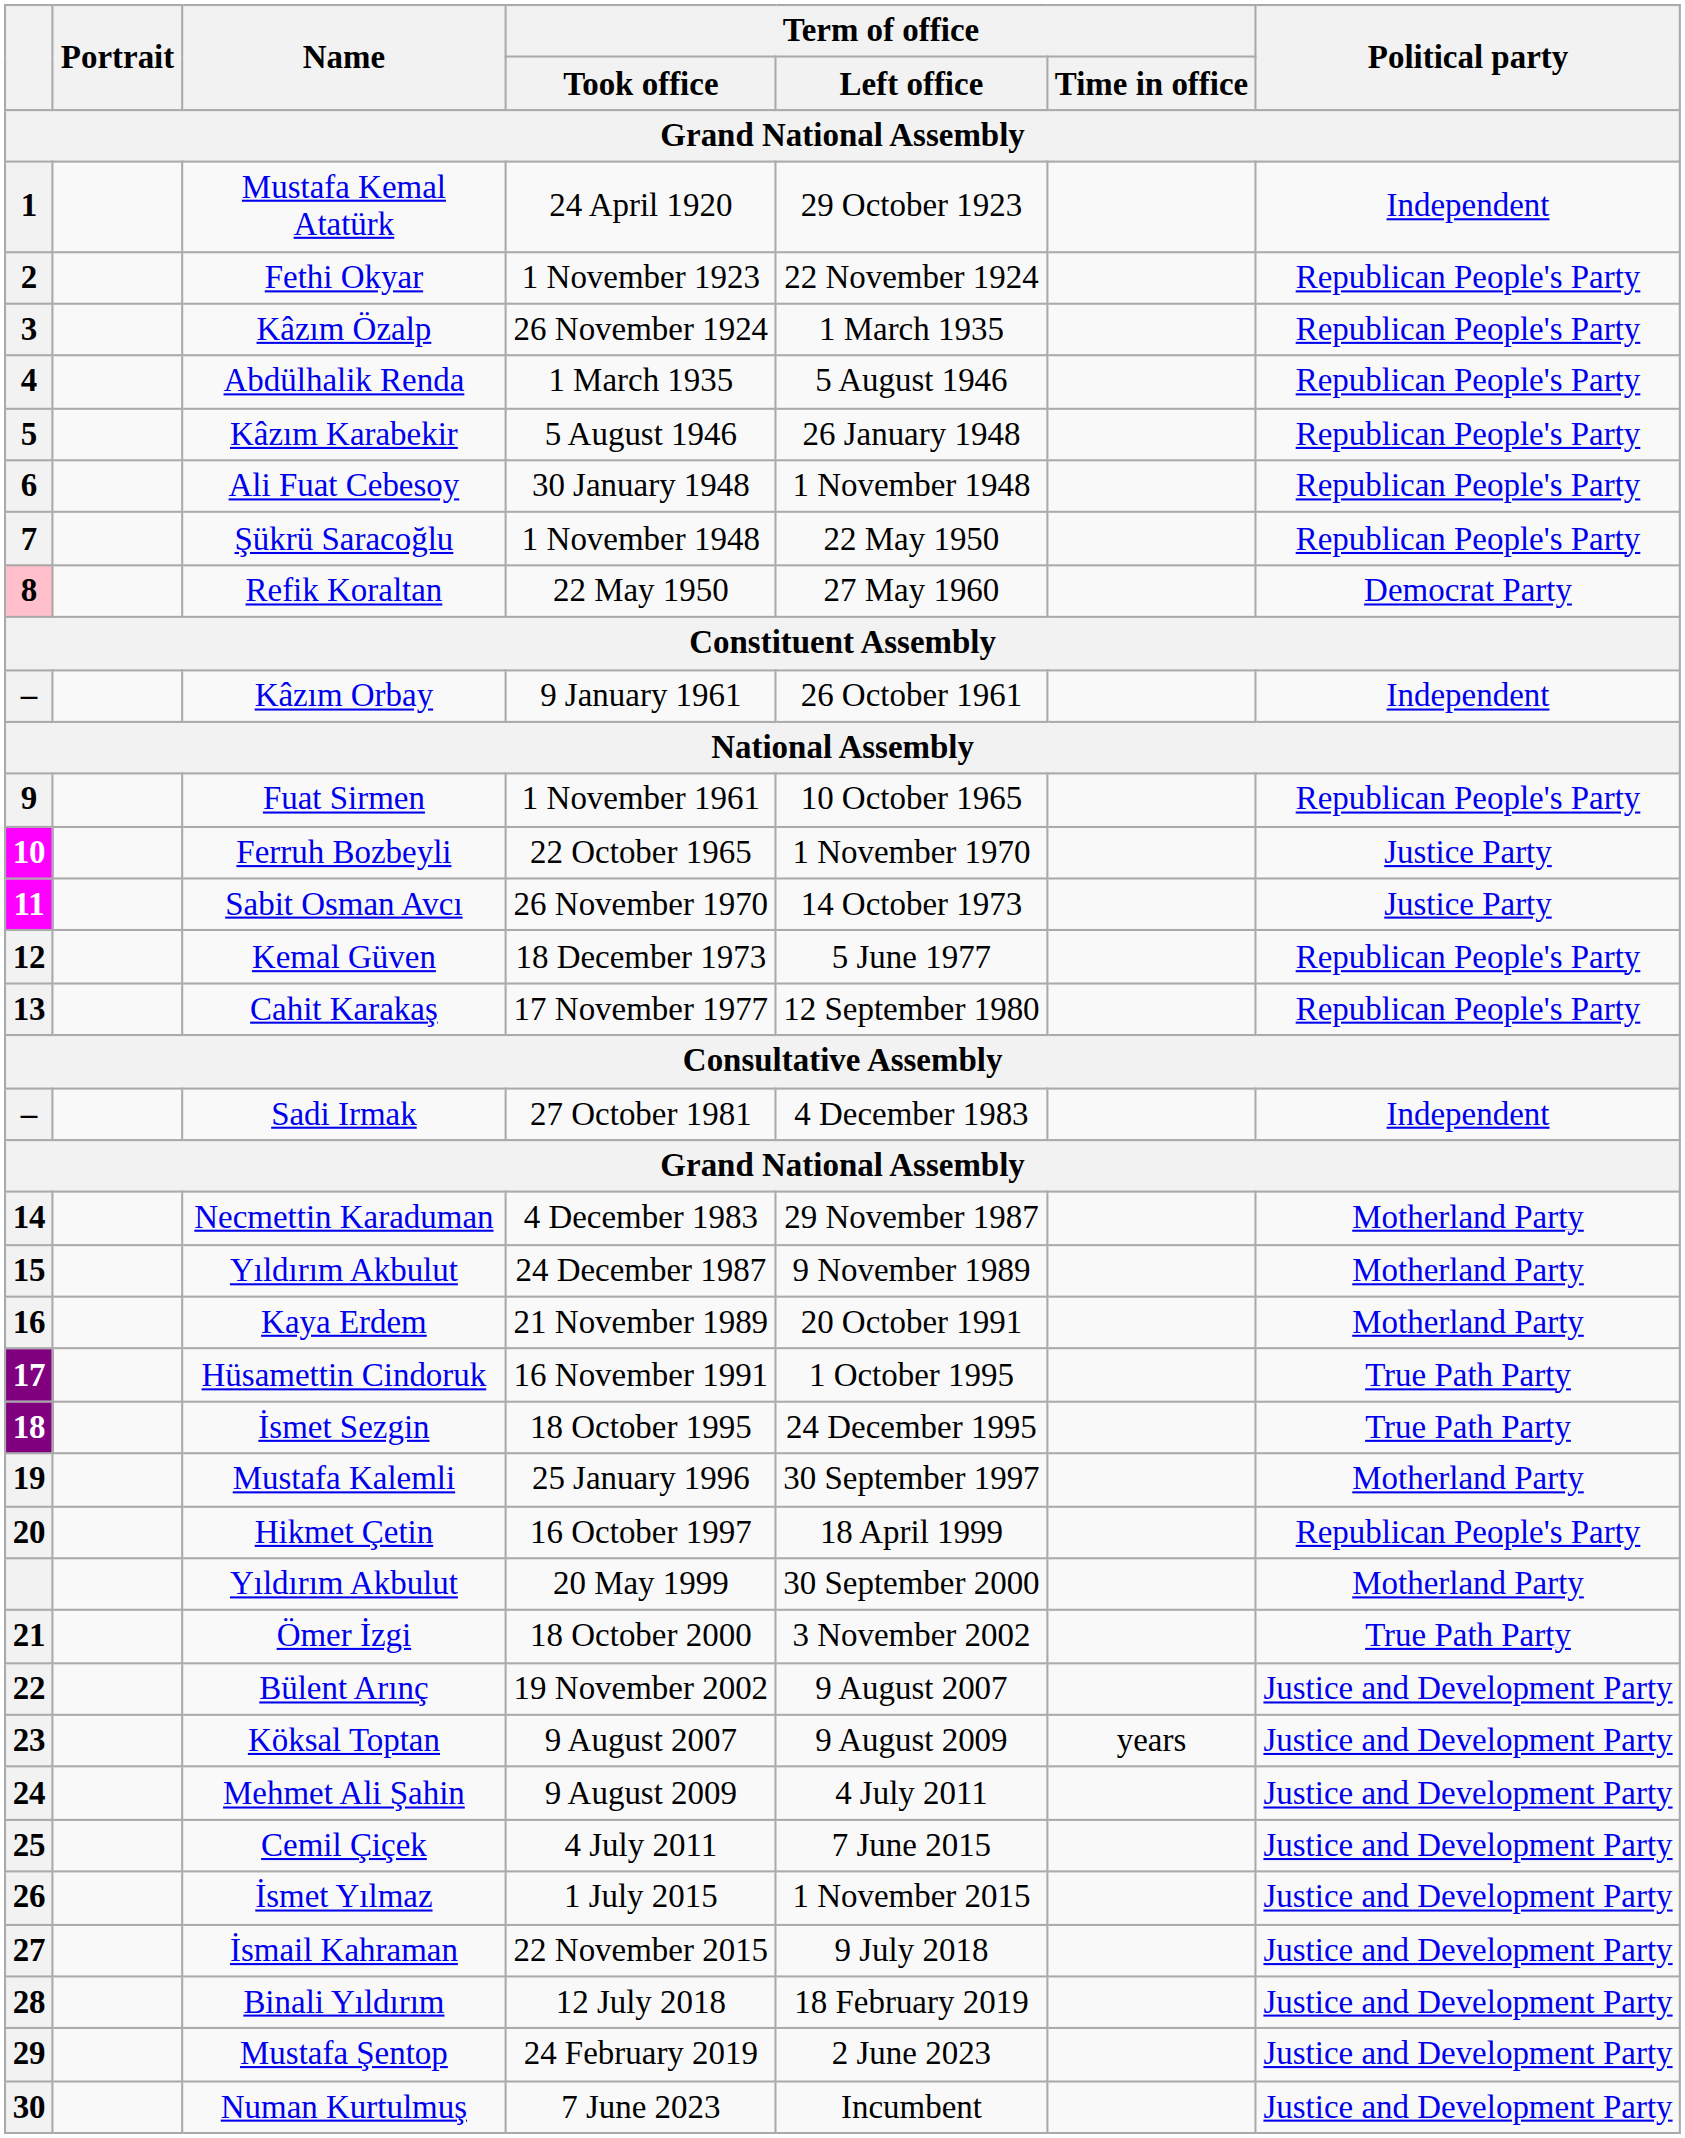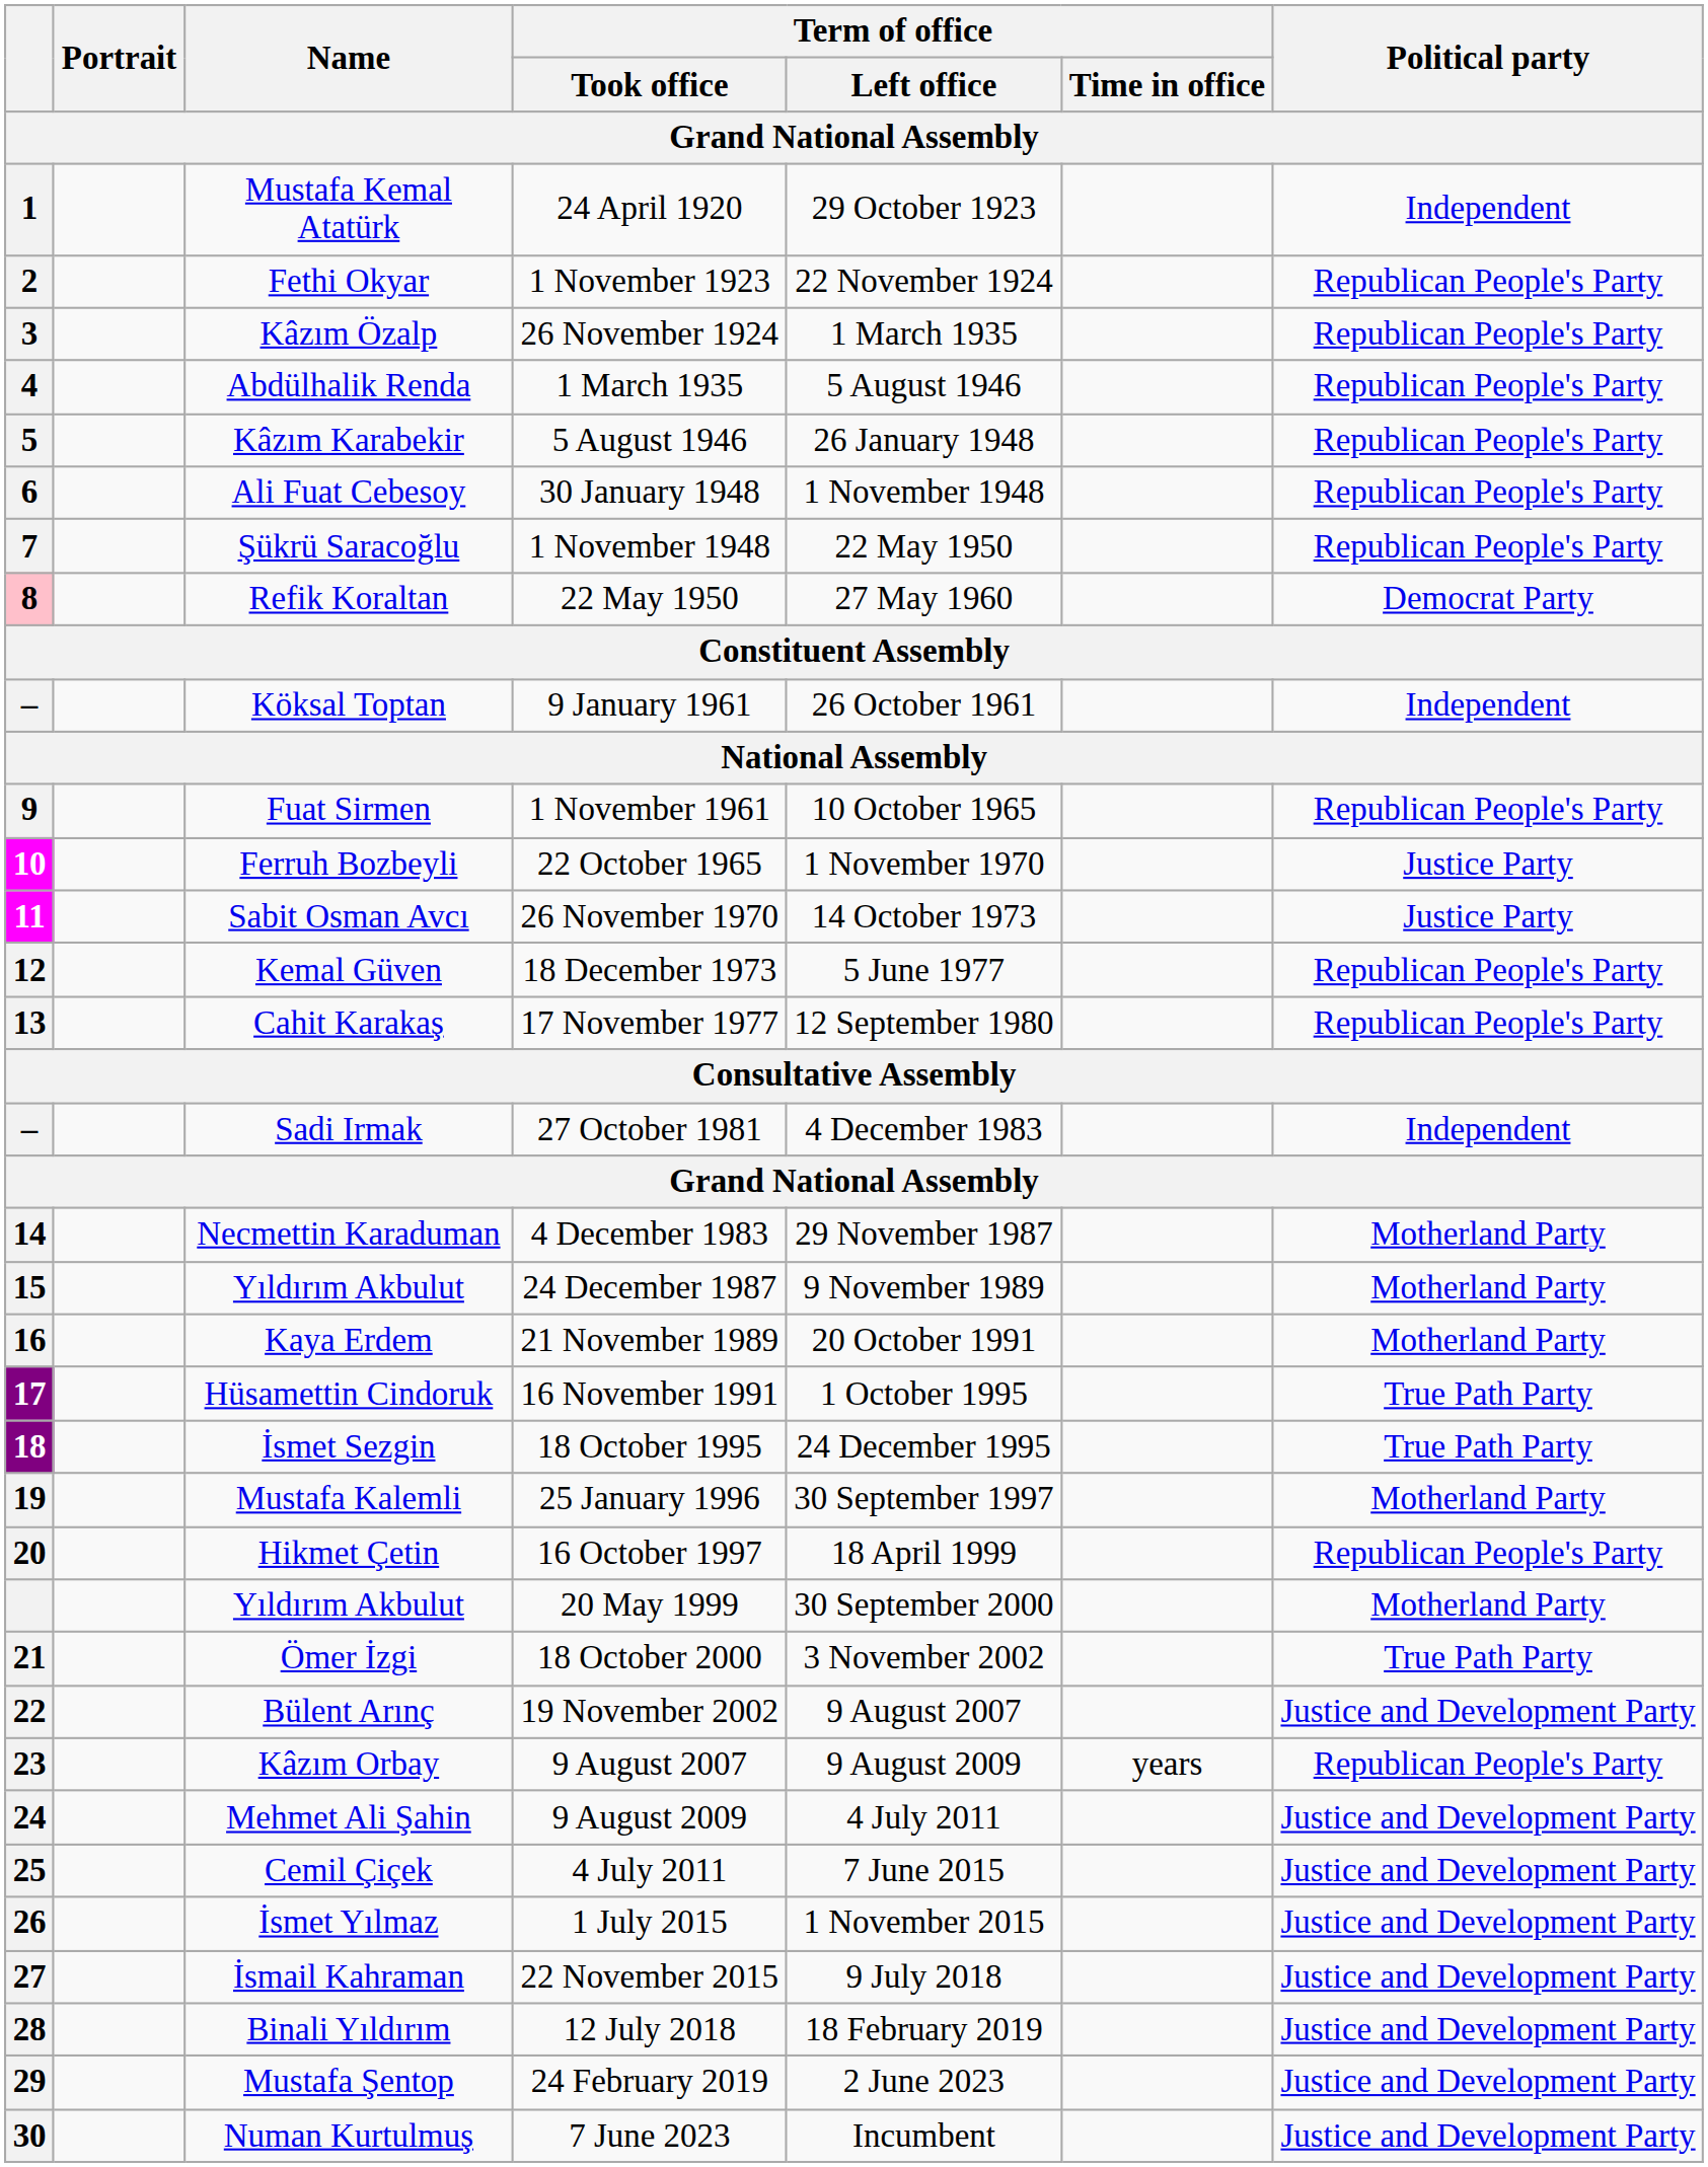 <table class="wikitable" style="text-align:center">
 <tr>
 <th rowspan=2></th>
 <th rowspan=2>Portrait</th>
 <th rowspan=2 width=150>Name<br></th>
 <th colspan=3>Term of office</th>
 <th rowspan=2>Political party</th>
 </tr>
 <tr>
 <th>Took office</th>
 <th>Left office</th>
 <th>Time in office</th>
 </tr>
 <tr>
 <th colspan="7">Grand National Assembly</th>
 </tr>
 <tr>
 <th style="background:">1</th>
 <td></td>
 <td><a href='#'>Mustafa Kemal Atatürk</a><br></td>
 <td>24 April 1920</td>
 <td>29 October 1923</td>
 <td></td>
 <td><a href='#'>Independent</a></td>
 </tr>
 <tr>
 <th style="background:">2</th>
 <td></td>
 <td><a href='#'>Fethi Okyar</a><br></td>
 <td>1 November 1923</td>
 <td>22 November 1924</td>
 <td></td>
 <td><a href='#'>Republican People's Party</a></td>
 </tr>
 <tr>
 <th style="background:">3</th>
 <td></td>
 <td><a href='#'>Kâzım Özalp</a><br></td>
 <td>26 November 1924</td>
 <td>1 March 1935</td>
 <td></td>
 <td><a href='#'>Republican People's Party</a></td>
 </tr>
 <tr>
 <th style="background:">4</th>
 <td></td>
 <td><a href='#'>Abdülhalik Renda</a><br></td>
 <td>1 March 1935</td>
 <td>5 August 1946</td>
 <td></td>
 <td><a href='#'>Republican People's Party</a></td>
 </tr>
 <tr>
 <th style="background:">5</th>
 <td></td>
 <td><a href='#'>Kâzım Karabekir</a><br></td>
 <td>5 August 1946</td>
 <td>26 January 1948</td>
 <td></td>
 <td><a href='#'>Republican People's Party</a></td>
 </tr>
 <tr>
 <th style="background:">6</th>
 <td></td>
 <td><a href='#'>Ali Fuat Cebesoy</a><br></td>
 <td>30 January 1948</td>
 <td>1 November 1948</td>
 <td></td>
 <td><a href='#'>Republican People's Party</a></td>
 </tr>
 <tr>
 <th style="background:">7</th>
 <td></td>
 <td><a href='#'>Şükrü Saracoğlu</a><br></td>
 <td>1 November 1948</td>
 <td>22 May 1950</td>
 <td></td>
 <td><a href='#'>Republican People's Party</a></td>
 </tr>
 <tr>
 <th style="background:Pink; color:black;">8</th>
 <td></td>
 <td><a href='#'>Refik Koraltan</a><br></td>
 <td>22 May 1950</td>
 <td>27 May 1960</td>
 <td></td>
 <td><a href='#'>Democrat Party</a></td>
 </tr>
 <tr>
 <th colspan="7">Constituent Assembly</th>
 </tr>
 <tr>
 <th style="background:">–</th>
 <td></td>
-<td><a href='#'>Kâzım Orbay</a><br></td>
+<td><a href='#'>Köksal Toptan</a><br></td>
 <td>9 January 1961</td>
 <td>26 October 1961</td>
 <td></td>
 <td><a href='#'>Independent</a></td>
 </tr>
 <tr>
 <th colspan="7">National Assembly</th>
 </tr>
 <tr>
 <th style="background:">9</th>
 <td></td>
 <td><a href='#'>Fuat Sirmen</a><br></td>
 <td>1 November 1961</td>
 <td>10 October 1965</td>
 <td></td>
 <td><a href='#'>Republican People's Party</a></td>
 </tr>
 <tr>
 <th style="background:Magenta; color:white;">10</th>
 <td></td>
 <td><a href='#'>Ferruh Bozbeyli</a><br></td>
 <td>22 October 1965</td>
 <td>1 November 1970</td>
 <td></td>
 <td><a href='#'>Justice Party</a></td>
 </tr>
 <tr>
 <th style="background:Magenta; color:white;">11</th>
 <td></td>
 <td><a href='#'>Sabit Osman Avcı</a><br></td>
 <td>26 November 1970</td>
 <td>14 October 1973</td>
 <td></td>
 <td><a href='#'>Justice Party</a></td>
 </tr>
 <tr>
 <th style="background:">12</th>
 <td></td>
 <td><a href='#'>Kemal Güven</a><br></td>
 <td>18 December 1973</td>
 <td>5 June 1977</td>
 <td></td>
 <td><a href='#'>Republican People's Party</a></td>
 </tr>
 <tr>
 <th style="background:">13</th>
 <td></td>
 <td><a href='#'>Cahit Karakaş</a><br></td>
 <td>17 November 1977</td>
 <td>12 September 1980</td>
 <td></td>
 <td><a href='#'>Republican People's Party</a></td>
 </tr>
 <tr>
 <th colspan="7">Consultative Assembly</th>
 </tr>
 <tr>
 <th style="background:">–</th>
 <td></td>
 <td><a href='#'>Sadi Irmak</a><br></td>
 <td>27 October 1981</td>
 <td>4 December 1983</td>
 <td></td>
 <td><a href='#'>Independent</a></td>
 </tr>
 <tr>
 <th colspan="7">Grand National Assembly</th>
 </tr>
 <tr>
 <th style="background:">14</th>
 <td></td>
 <td><a href='#'>Necmettin Karaduman</a><br></td>
 <td>4 December 1983</td>
 <td>29 November 1987</td>
 <td></td>
 <td><a href='#'>Motherland Party</a></td>
 </tr>
 <tr>
 <th style="background:">15</th>
 <td></td>
 <td><a href='#'>Yıldırım Akbulut</a><br></td>
 <td>24 December 1987</td>
 <td>9 November 1989</td>
 <td></td>
 <td><a href='#'>Motherland Party</a></td>
 </tr>
 <tr>
 <th style="background:">16</th>
 <td></td>
 <td><a href='#'>Kaya Erdem</a><br></td>
 <td>21 November 1989</td>
 <td>20 October 1991</td>
 <td></td>
 <td><a href='#'>Motherland Party</a></td>
 </tr>
 <tr>
 <th style="background:Purple; color:white;">17</th>
 <td></td>
 <td><a href='#'>Hüsamettin Cindoruk</a><br></td>
 <td>16 November 1991</td>
 <td>1 October 1995</td>
 <td></td>
 <td><a href='#'>True Path Party</a></td>
 </tr>
 <tr>
 <th style="background:Purple; color:white;">18</th>
 <td></td>
 <td><a href='#'>İsmet Sezgin</a><br></td>
 <td>18 October 1995</td>
 <td>24 December 1995</td>
 <td></td>
 <td><a href='#'>True Path Party</a></td>
 </tr>
 <tr>
 <th style="background:">19</th>
 <td></td>
 <td><a href='#'>Mustafa Kalemli</a><br></td>
 <td>25 January 1996</td>
 <td>30 September 1997</td>
 <td></td>
 <td><a href='#'>Motherland Party</a></td>
 </tr>
 <tr>
 <th style="background:">20</th>
 <td></td>
 <td><a href='#'>Hikmet Çetin</a><br></td>
 <td>16 October 1997</td>
 <td>18 April 1999</td>
 <td></td>
 <td><a href='#'>Republican People's Party</a></td>
 </tr>
 <tr>
 <th style="background:"></th>
 <td></td>
 <td><a href='#'>Yıldırım Akbulut</a><br></td>
 <td>20 May 1999</td>
 <td>30 September 2000</td>
 <td></td>
 <td><a href='#'>Motherland Party</a></td>
 </tr>
 <tr>
 <th style="background:">21</th>
 <td></td>
 <td><a href='#'>Ömer İzgi</a><br></td>
 <td>18 October 2000</td>
 <td>3 November 2002</td>
 <td></td>
 <td><a href='#'>True Path Party</a></td>
 </tr>
 <tr>
 <th style="background:">22</th>
 <td></td>
 <td><a href='#'>Bülent Arınç</a><br></td>
 <td>19 November 2002</td>
 <td>9 August 2007</td>
 <td></td>
 <td><a href='#'>Justice and Development Party</a></td>
 </tr>
 <tr>
 <th style="background:">23</th>
 <td></td>
-<td><a href='#'>Köksal Toptan</a><br></td>
+<td><a href='#'>Kâzım Orbay</a><br></td>
 <td>9 August 2007</td>
 <td>9 August 2009</td>
 <td> years</td>
-<td><a href='#'>Justice and Development Party</a></td>
+<td><a href='#'>Republican People's Party</a></td>
 </tr>
 <tr>
 <th style="background:">24</th>
 <td></td>
 <td><a href='#'>Mehmet Ali Şahin</a><br></td>
 <td>9 August 2009</td>
 <td>4 July 2011</td>
 <td></td>
 <td><a href='#'>Justice and Development Party</a></td>
 </tr>
 <tr>
 <th style="background:">25</th>
 <td></td>
 <td><a href='#'>Cemil Çiçek</a><br></td>
 <td>4 July 2011</td>
 <td>7 June 2015</td>
 <td></td>
 <td><a href='#'>Justice and Development Party</a></td>
 </tr>
 <tr>
 <th style="background:">26</th>
 <td></td>
 <td><a href='#'>İsmet Yılmaz</a><br></td>
 <td>1 July 2015</td>
 <td>1 November 2015</td>
 <td></td>
 <td><a href='#'>Justice and Development Party</a></td>
 </tr>
 <tr>
 <th style="background:">27</th>
 <td></td>
 <td><a href='#'>İsmail Kahraman</a><br></td>
 <td>22 November 2015</td>
 <td>9 July 2018</td>
 <td></td>
 <td><a href='#'>Justice and Development Party</a></td>
 </tr>
 <tr>
 <th style="background:">28</th>
 <td></td>
 <td><a href='#'>Binali Yıldırım</a><br></td>
 <td>12 July 2018</td>
 <td>18 February 2019</td>
 <td></td>
 <td><a href='#'>Justice and Development Party</a></td>
 </tr>
 <tr>
 <th style="background:">29</th>
 <td></td>
 <td><a href='#'>Mustafa Şentop</a><br></td>
 <td>24 February 2019</td>
 <td>2 June 2023</td>
 <td></td>
 <td><a href='#'>Justice and Development Party</a></td>
 </tr>
 <tr>
 <th style="background:">30</th>
 <td></td>
 <td><a href='#'>Numan Kurtulmuş</a><br></td>
 <td>7 June 2023</td>
 <td>Incumbent</td>
 <td></td>
 <td><a href='#'>Justice and Development Party</a></td>
 </tr>
 </table>
